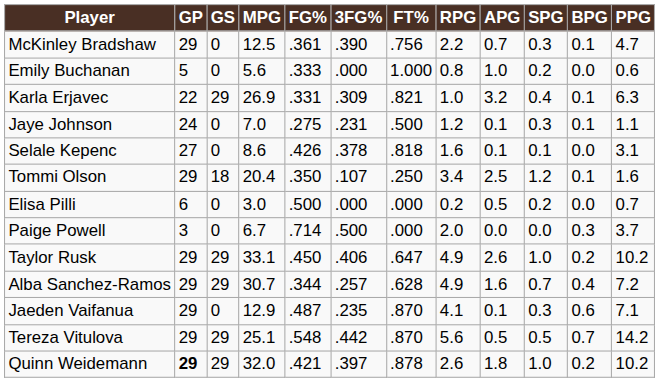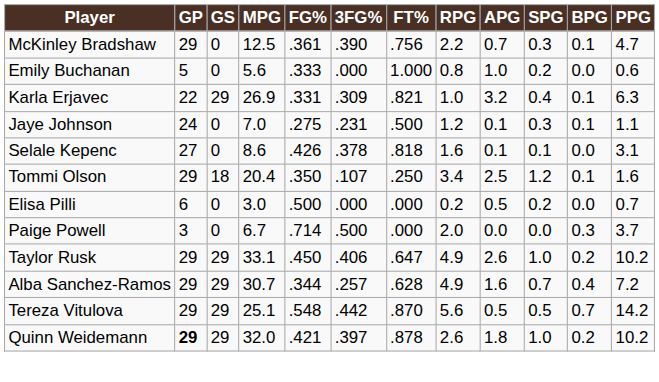 <table class="wikitable sortable">
 <tr>
 <th style="background:#492f24; color:white">Player</th>
 <th style="background:#492f24; color:white">GP</th>
 <th style="background:#492f24; color:white">GS</th>
 <th style="background:#492f24; color:white">MPG</th>
 <th style="background:#492f24; color:white">FG%</th>
 <th style="background:#492f24; color:white">3FG%</th>
 <th style="background:#492f24; color:white">FT%</th>
 <th style="background:#492f24; color:white;">RPG</th>
 <th style="background:#492f24; color:white;">APG</th>
 <th style="background:#492f24; color:white;">SPG</th>
 <th style="background:#492f24; color:white;">BPG</th>
 <th style="background:#492f24; color:white;">PPG</th>
 </tr>
 <tr>
 <td>McKinley Bradshaw</td>
 <td>29</td>
 <td>0</td>
 <td>12.5</td>
 <td>.361</td>
 <td>.390</td>
 <td>.756</td>
 <td>2.2</td>
 <td>0.7</td>
 <td>0.3</td>
 <td>0.1</td>
 <td>4.7</td>
 </tr>
 <tr>
 <td>Emily Buchanan</td>
 <td>5</td>
 <td>0</td>
 <td>5.6</td>
 <td>.333</td>
 <td>.000</td>
 <td>1.000</td>
 <td>0.8</td>
 <td>1.0</td>
 <td>0.2</td>
 <td>0.0</td>
 <td>0.6</td>
 </tr>
 <tr>
 <td>Karla Erjavec</td>
 <td>22</td>
 <td>29</td>
 <td>26.9</td>
 <td>.331</td>
 <td>.309</td>
 <td>.821</td>
 <td>1.0</td>
 <td>3.2</td>
 <td>0.4</td>
 <td>0.1</td>
 <td>6.3</td>
 </tr>
 <tr>
 <td>Jaye Johnson</td>
 <td>24</td>
 <td>0</td>
 <td>7.0</td>
 <td>.275</td>
 <td>.231</td>
 <td>.500</td>
 <td>1.2</td>
 <td>0.1</td>
 <td>0.3</td>
 <td>0.1</td>
 <td>1.1</td>
 </tr>
 <tr>
 <td>Selale Kepenc</td>
 <td>27</td>
 <td>0</td>
 <td>8.6</td>
 <td>.426</td>
 <td>.378</td>
 <td>.818</td>
 <td>1.6</td>
 <td>0.1</td>
 <td>0.1</td>
 <td>0.0</td>
 <td>3.1</td>
 </tr>
 <tr>
 <td>Tommi Olson</td>
 <td>29</td>
 <td>18</td>
 <td>20.4</td>
 <td>.350</td>
 <td>.107</td>
 <td>.250</td>
 <td>3.4</td>
 <td>2.5</td>
 <td>1.2</td>
 <td>0.1</td>
 <td>1.6</td>
 </tr>
 <tr>
 <td>Elisa Pilli</td>
 <td>6</td>
 <td>0</td>
 <td>3.0</td>
 <td>.500</td>
 <td>.000</td>
 <td>.000</td>
 <td>0.2</td>
 <td>0.5</td>
 <td>0.2</td>
 <td>0.0</td>
 <td>0.7</td>
 </tr>
 <tr>
 <td>Paige Powell</td>
 <td>3</td>
 <td>0</td>
 <td>6.7</td>
 <td>.714</td>
 <td>.500</td>
 <td>.000</td>
 <td>2.0</td>
 <td>0.0</td>
 <td>0.0</td>
 <td>0.3</td>
 <td>3.7</td>
 </tr>
 <tr>
 <td>Taylor Rusk</td>
 <td>29</td>
 <td>29</td>
 <td>33.1</td>
 <td>.450</td>
 <td>.406</td>
 <td>.647</td>
 <td>4.9</td>
 <td>2.6</td>
 <td>1.0</td>
 <td>0.2</td>
 <td>10.2</td>
 </tr>
 <tr>
 <td>Alba Sanchez-Ramos</td>
 <td>29</td>
 <td>29</td>
 <td>30.7</td>
 <td>.344</td>
 <td>.257</td>
 <td>.628</td>
 <td>4.9</td>
 <td>1.6</td>
 <td>0.7</td>
 <td>0.4</td>
 <td>7.2</td>
 </tr>
 <tr>
-<td>Jaeden Vaifanua</td>
-<td>29</td>
-<td>0</td>
-<td>12.9</td>
-<td>.487</td>
-<td>.235</td>
-<td>.870</td>
-<td>4.1</td>
-<td>0.1</td>
-<td>0.3</td>
-<td>0.6</td>
-<td>7.1</td>
-</tr>
-<tr>
 <td>Tereza Vitulova</td>
 <td>29</td>
 <td>29</td>
 <td>25.1</td>
 <td>.548</td>
 <td>.442</td>
 <td>.870</td>
 <td>5.6</td>
 <td>0.5</td>
 <td>0.5</td>
 <td>0.7</td>
 <td>14.2</td>
 </tr>
 <tr>
 <td>Quinn Weidemann</td>
 <td><strong>29</strong></td>
 <td>29</td>
 <td>32.0</td>
 <td>.421</td>
 <td>.397</td>
 <td>.878</td>
 <td>2.6</td>
 <td>1.8</td>
 <td>1.0</td>
 <td>0.2</td>
 <td>10.2</td>
 </tr>
 </table>
